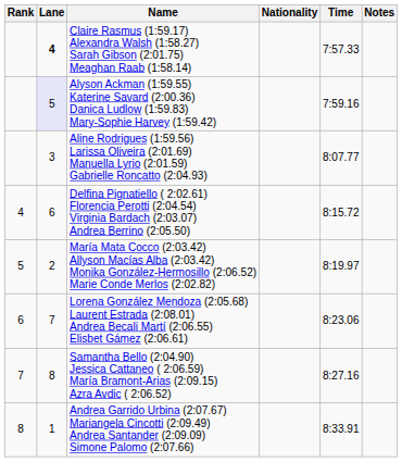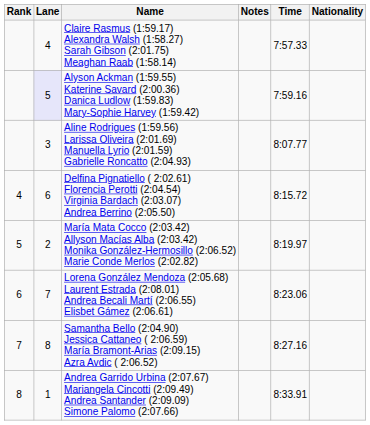 <table class="wikitable sortable" style="text-align:center">
 <tr>
 <th>Rank</th>
 <th>Lane</th>
 <th>Name</th>
+<th>Notes</th>
+<th>Time</th>
 <th>Nationality</th>
-<th>Time</th>
-<th>Notes</th>
 </tr>
 <tr>
 <td></td>
-<td><strong>4</strong></td>
+<td>4</td>
 <td align=left><a href='#'>Claire Rasmus</a> (1:59.17)<br><a href='#'>Alexandra Walsh</a> (1:58.27)<br><a href='#'>Sarah Gibson</a> (2:01.75)<br><a href='#'>Meaghan Raab</a> (1:58.14)</td>
+<td></td>
+<td>7:57.33</td>
 <td align=left></td>
-<td>7:57.33</td>
-<td></td>
 </tr>
 <tr>
 <td></td>
 <td style="background: lavender;">5</td>
 <td align=left><a href='#'>Alyson Ackman</a> (1:59.55)<br><a href='#'>Katerine Savard</a> (2:00.36)<br><a href='#'>Danica Ludlow</a> (1:59.83)<br><a href='#'>Mary-Sophie Harvey</a> (1:59.42)</td>
+<td></td>
+<td>7:59.16</td>
 <td align=left></td>
-<td>7:59.16</td>
-<td></td>
 </tr>
 <tr>
 <td></td>
 <td>3</td>
 <td align=left><a href='#'>Aline Rodrigues</a> (1:59.56)<br><a href='#'>Larissa Oliveira</a> (2:01.69)<br><a href='#'>Manuella Lyrio</a> (2:01.59)<br><a href='#'>Gabrielle Roncatto</a> (2:04.93)</td>
+<td></td>
+<td>8:07.77</td>
 <td align=left></td>
-<td>8:07.77</td>
-<td></td>
 </tr>
 <tr>
 <td>4</td>
 <td>6</td>
 <td align=left><a href='#'>Delfina Pignatiello</a> ( 2:02.61)<br><a href='#'>Florencia Perotti</a> (2:04.54)<br><a href='#'>Virginia Bardach</a> (2:03.07)<br><a href='#'>Andrea Berrino</a> (2:05.50)</td>
+<td></td>
+<td>8:15.72</td>
 <td align=left></td>
-<td>8:15.72</td>
-<td></td>
 </tr>
 <tr>
 <td>5</td>
 <td>2</td>
 <td align=left><a href='#'>María Mata Cocco</a> (2:03.42)<br><a href='#'>Allyson Macías Alba</a> (2:03.42)<br><a href='#'>Monika González-Hermosillo</a> (2:06.52)<br><a href='#'>Marie Conde Merlos</a> (2:02.82)</td>
+<td></td>
+<td>8:19.97</td>
 <td align=left></td>
-<td>8:19.97</td>
-<td></td>
 </tr>
 <tr>
 <td>6</td>
 <td>7</td>
 <td align=left><a href='#'>Lorena González Mendoza</a> (2:05.68)<br><a href='#'>Laurent Estrada</a> (2:08.01)<br><a href='#'>Andrea Becali Martí</a> (2:06.55)<br><a href='#'>Elisbet Gámez</a> (2:06.61)</td>
+<td></td>
+<td>8:23.06</td>
 <td align=left></td>
-<td>8:23.06</td>
-<td></td>
 </tr>
 <tr>
 <td>7</td>
 <td>8</td>
 <td align=left><a href='#'>Samantha Bello</a> (2:04.90)<br><a href='#'>Jessica Cattaneo</a> ( 2:06.59)<br><a href='#'>María Bramont-Arias</a> (2:09.15)<br><a href='#'>Azra Avdic</a> ( 2:06.52)</td>
+<td></td>
+<td>8:27.16</td>
 <td align=left></td>
-<td>8:27.16</td>
-<td></td>
 </tr>
 <tr>
 <td>8</td>
 <td>1</td>
 <td align=left><a href='#'>Andrea Garrido Urbina</a> (2:07.67)<br><a href='#'>Mariangela Cincotti</a> (2:09.49)<br><a href='#'>Andrea Santander</a> (2:09.09)<br><a href='#'>Simone Palomo</a> (2:07.66)</td>
+<td></td>
+<td>8:33.91</td>
 <td align=left></td>
-<td>8:33.91</td>
-<td></td>
 </tr>
 </table>
